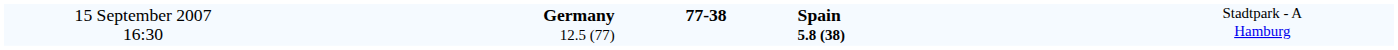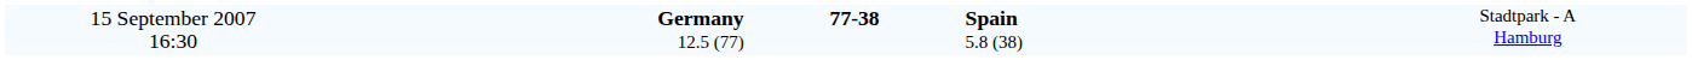 <table style="width: 100%; background:#F5FAFF;" cellspacing="0">
 <tr>
 <td align=center rowspan=3 width=20%>15 September 2007<br>16:30</td>
 </tr>
 <tr>
 <td width=24% align=right><strong>Germany</strong></td>
 <td align=center width=13%><strong>77-38</strong></td>
 <td width=24%><strong>Spain</strong></td>
 <td style=font-size:85% rowspan=3 valign=top align=center>Stadtpark - A <br><a href='#'>Hamburg</a></td>
 </tr>
 <tr style=font-size:85%>
 <td align=right>12.5 (77)</td>
 <td align=center></td>
-<td><strong>5.8 (38)</strong></td>
+<td>5.8 (38)</td>
 </tr>
 </table>
